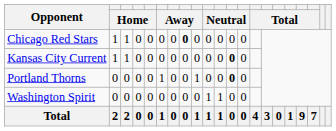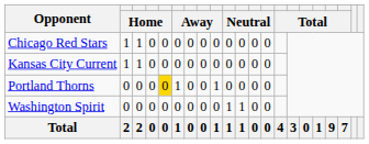 <table class="wikitable plainrowheaders sortable" style="text-align:center">
 <tr>
 <th rowspan="2" scope="col">Opponent</th>
 <th scope="col"></th>
 <th scope="col"></th>
 <th scope="col"></th>
 <th scope="col"></th>
 <th scope="col"></th>
 <th scope="col"></th>
 <th scope="col"></th>
 <th scope="col"></th>
 <th scope="col"></th>
 <th scope="col"></th>
 <th scope="col"></th>
 <th scope="col"></th>
 <th scope="col"></th>
 <th scope="col"></th>
 <th scope="col"></th>
 <th scope="col"></th>
 <th scope="col"></th>
 <th scope="col"></th>
 <th rowspan="2" scope="col"></th>
 <th rowspan="2"></th>
 </tr>
 <tr class="unsortable">
 <th colspan="4">Home</th>
 <th colspan="4">Away</th>
 <th colspan="4">Neutral</th>
 <th colspan="6">Total</th>
 </tr>
 <tr>
 <td style="text-align:left"><a href='#'>Chicago Red Stars</a></td>
 <td>1</td>
 <td>1</td>
 <td>0</td>
 <td>0</td>
 <td>0</td>
 <td>0</td>
-<td><strong>0</strong></td>
+<td>0</td>
 <td>0</td>
 <td>0</td>
 <td>0</td>
 <td>0</td>
 <td>0<br></td>
 <td></td>
 </tr>
 <tr>
 <td style="text-align:left"><a href='#'>Kansas City Current</a></td>
 <td>1</td>
 <td>1</td>
 <td>0</td>
 <td>0</td>
 <td>0</td>
 <td>0</td>
 <td>0</td>
 <td>0</td>
 <td>0</td>
 <td>0</td>
-<td><strong>0</strong></td>
+<td>0</td>
 <td>0<br></td>
 <td></td>
 </tr>
 <tr>
 <td style="text-align:left"><a href='#'>Portland Thorns</a></td>
 <td>0</td>
 <td>0</td>
 <td>0</td>
-<td>0</td>
+<td style="background: gold;">0</td>
 <td>1</td>
 <td>0</td>
 <td>0</td>
 <td>1</td>
 <td>0</td>
 <td>0</td>
-<td><strong>0</strong></td>
+<td>0</td>
 <td>0<br></td>
 <td></td>
 </tr>
 <tr>
 <td style="text-align:left"><a href='#'>Washington Spirit</a></td>
 <td>0</td>
 <td>0</td>
 <td>0</td>
 <td>0</td>
 <td>0</td>
 <td>0</td>
 <td>0</td>
 <td>0</td>
 <td>1</td>
 <td>1</td>
 <td>0</td>
 <td>0<br></td>
 <td></td>
 </tr>
 <tr>
 <th>Total</th>
 <th>2</th>
 <th>2</th>
 <th>0</th>
 <th>0</th>
 <th>1</th>
 <th>0</th>
 <th>0</th>
 <th>1</th>
 <th>1</th>
 <th>1</th>
 <th>0</th>
 <th>0</th>
 <th>4</th>
 <th>3</th>
 <th>0</th>
 <th>1</th>
 <th>9</th>
 <th>7</th>
 <th><br></th>
 <th></th>
 </tr>
 </table>
